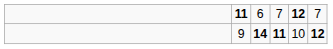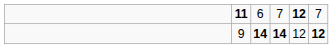 <table class="wikitable">
 <tr>
 <td style="width:18em"></td>
 <td align=center style="width:1em"><strong>11</strong></td>
 <td align=center style="width:1em">6</td>
 <td align=center style="width:1em">7</td>
 <td align=center style="width:1em"><strong>12</strong></td>
 <td align=center style="width:1em">7</td>
 </tr>
 <tr>
 <td style="width:18em"></td>
 <td align=center style="width:1em">9</td>
 <td align=center style="width:1em"><strong>14</strong></td>
-<td align=center style="width:1em"><strong>11</strong></td>
-<td align=center style="width:1em">10</td>
+<td align=center style="width:1em"><strong>14</strong></td>
+<td align=center style="width:1em">12</td>
 <td align=center style="width:1em"><strong>12</strong></td>
 </tr>
 </table>
